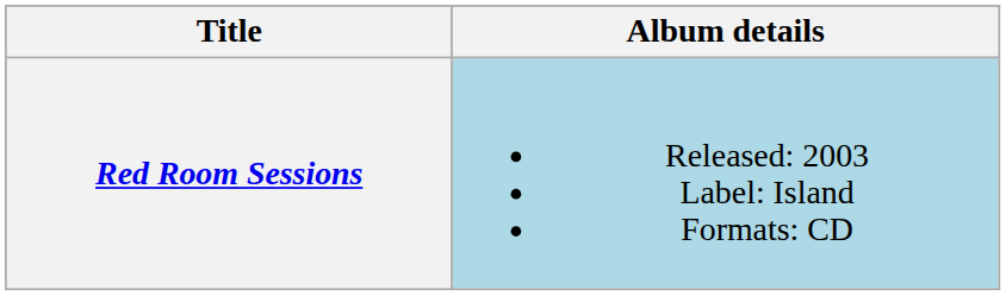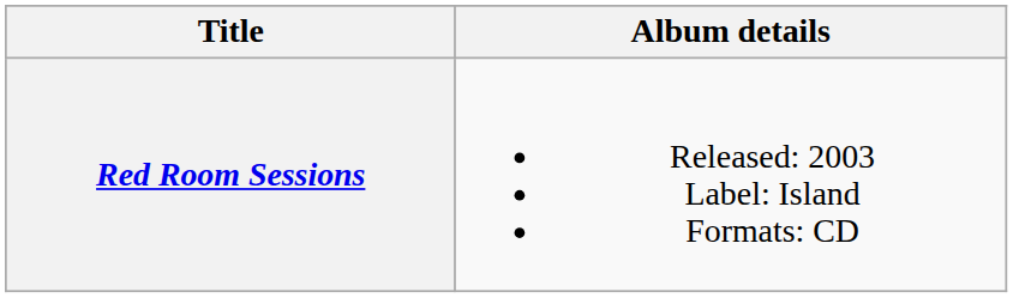 <table class="wikitable plainrowheaders" style="text-align:center;">
 <tr>
 <th scope="col" style="width:13em;">Title</th>
 <th scope="col" style="width:16em;">Album details</th>
 </tr>
 <tr>
 <th scope="row"><em><a href='#'>Red Room Sessions</a></em></th>
-<td style="background: lightblue;"><br><ul><li>Released: 2003</li><li>Label: Island</li><li>Formats: CD</li></ul></td>
+<td><br><ul><li>Released: 2003</li><li>Label: Island</li><li>Formats: CD</li></ul></td>
 </tr>
 </table>
